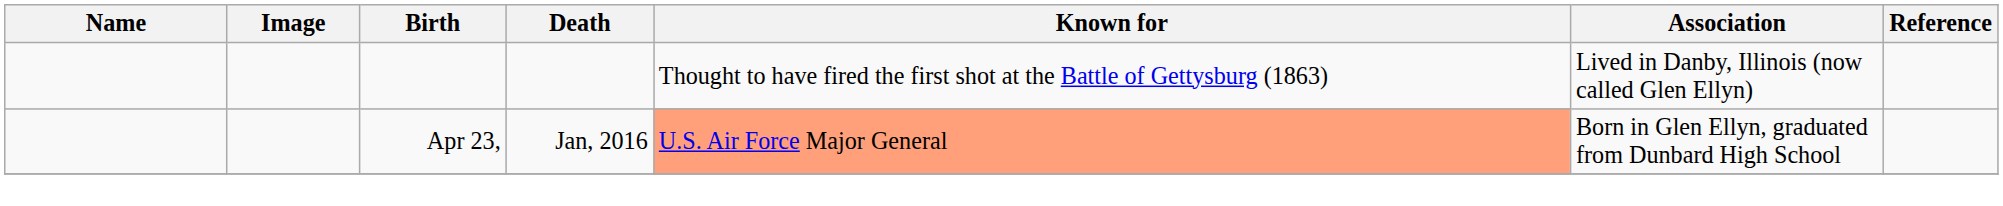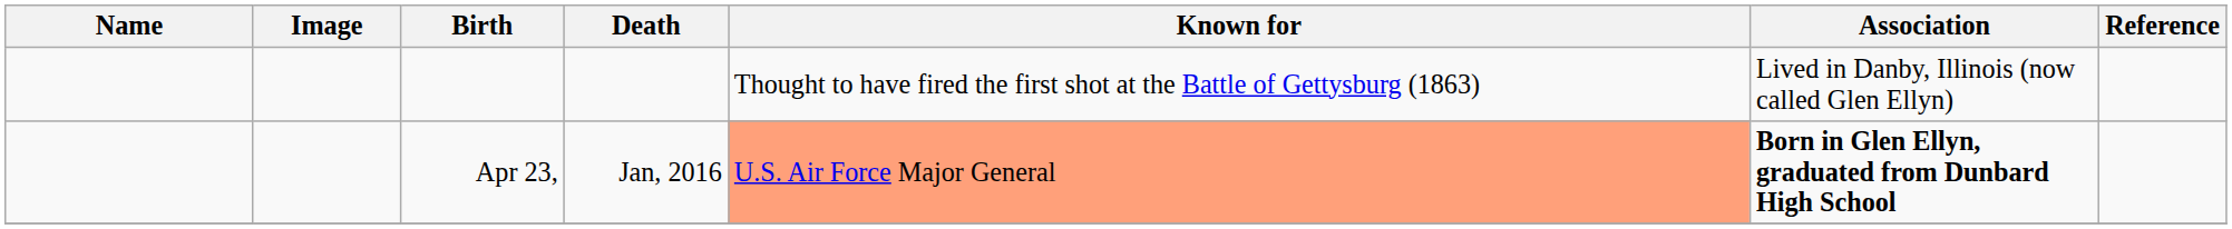 <table class="wikitable sortable">
 <tr>
 <th scope="col" width="140">Name</th>
 <th scope="col" width="80" class="unsortable">Image</th>
 <th scope="col" width="90">Birth</th>
 <th scope="col" width="90">Death</th>
 <th scope="col" width="600" class="unsortable">Known for</th>
 <th scope="col" width="200" class="unsortable">Association</th>
 <th scope="col" width="30" class="unsortable">Reference</th>
 </tr>
 <tr>
 <td></td>
 <td></td>
 <td align=right></td>
 <td align=right></td>
 <td>Thought to have fired the first shot at the <a href='#'>Battle of Gettysburg</a> (1863)</td>
 <td>Lived in Danby, Illinois (now called Glen Ellyn)</td>
 <td align="center"></td>
 </tr>
 <tr>
 <td></td>
 <td></td>
 <td align=right>Apr 23,</td>
 <td align=Right>Jan, 2016</td>
 <td style="background: lightsalmon;"><a href='#'>U.S. Air Force</a> Major General</td>
-<td>Born in Glen Ellyn, graduated from Dunbard High School</td>
+<td><strong>Born in Glen Ellyn, graduated from Dunbard High School</strong></td>
 <td align="center"></td>
 </tr>
 <tr>
 </tr>
 </table>
